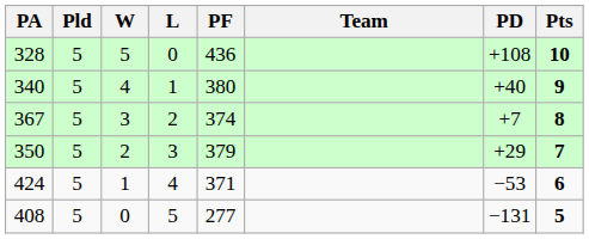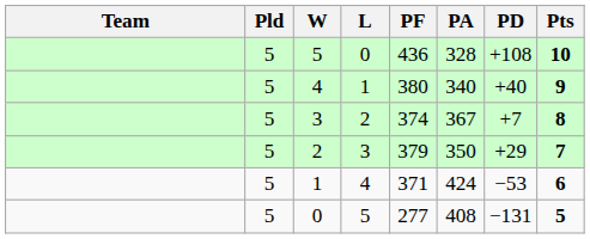 <table class="wikitable" style="text-align:center">
 <tr>
-<th width="30">PA</th>
+<th width="180">Team</th>
 <th width="30">Pld</th>
 <th width="30">W</th>
 <th width="30">L</th>
 <th width="30">PF</th>
-<th width="180">Team</th>
+<th width="30">PA</th>
 <th width="30">PD</th>
 <th width="30">Pts</th>
 </tr>
 <tr bgcolor="#ccffcc" align="center">
-<td>328</td>
+<td align="left"></td>
 <td>5</td>
 <td>5</td>
 <td>0</td>
 <td>436</td>
-<td align="left"></td>
+<td>328</td>
 <td>+108</td>
 <td><strong>10</strong></td>
 </tr>
 <tr bgcolor="#ccffcc" align="center">
-<td>340</td>
+<td align="left"></td>
 <td>5</td>
 <td>4</td>
 <td>1</td>
 <td>380</td>
-<td align="left"></td>
+<td>340</td>
 <td>+40</td>
 <td><strong>9</strong></td>
 </tr>
 <tr bgcolor="#ccffcc" align="center">
-<td>367</td>
+<td align="left"></td>
 <td>5</td>
 <td>3</td>
 <td>2</td>
 <td>374</td>
-<td align="left"></td>
+<td>367</td>
 <td>+7</td>
 <td><strong>8</strong></td>
 </tr>
 <tr bgcolor="#ccffcc" align="center">
-<td>350</td>
+<td align="left"></td>
 <td>5</td>
 <td>2</td>
 <td>3</td>
 <td>379</td>
-<td align="left"></td>
+<td>350</td>
 <td>+29</td>
 <td><strong>7</strong></td>
 </tr>
 <tr align="center">
-<td>424</td>
+<td align="left"></td>
 <td>5</td>
 <td>1</td>
 <td>4</td>
 <td>371</td>
-<td align="left"></td>
+<td>424</td>
 <td>−53</td>
 <td><strong>6</strong></td>
 </tr>
 <tr align="center">
-<td>408</td>
+<td align="left"></td>
 <td>5</td>
 <td>0</td>
 <td>5</td>
 <td>277</td>
-<td align="left"></td>
+<td>408</td>
 <td>−131</td>
 <td><strong>5</strong></td>
 </tr>
 </table>
